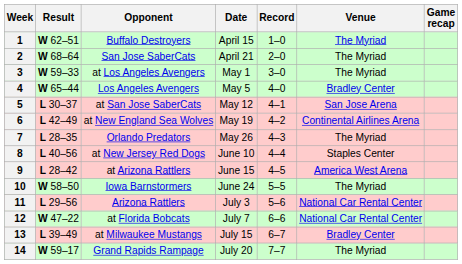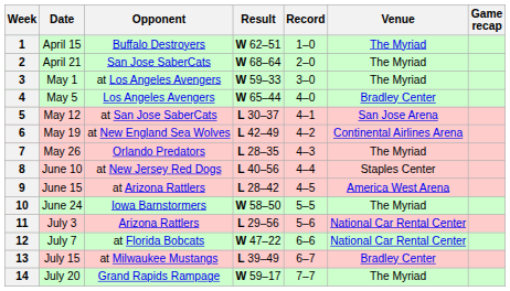 <table class="wikitable" style="text-align:center">
 <tr>
 <th>Week</th>
+<th>Date</th>
+<th>Opponent</th>
 <th>Result</th>
-<th>Opponent</th>
-<th>Date</th>
 <th>Record</th>
 <th>Venue</th>
 <th>Game<br>recap</th>
 </tr>
 <tr style="background:#cfc">
 <th>1</th>
+<td>April 15</td>
+<td><a href='#'>Buffalo Destroyers</a></td>
 <td><strong>W</strong> 62–51</td>
-<td><a href='#'>Buffalo Destroyers</a></td>
-<td>April 15</td>
 <td>1–0</td>
 <td><a href='#'>The Myriad</a></td>
 <td></td>
 </tr>
 <tr style="background:#cfc">
 <th>2</th>
+<td>April 21</td>
+<td><a href='#'>San Jose SaberCats</a></td>
 <td><strong>W</strong> 68–64</td>
-<td><a href='#'>San Jose SaberCats</a></td>
-<td>April 21</td>
 <td>2–0</td>
 <td>The Myriad</td>
 <td></td>
 </tr>
 <tr style="background:#cfc">
 <th>3</th>
+<td>May 1</td>
+<td>at <a href='#'>Los Angeles Avengers</a></td>
 <td><strong>W</strong> 59–33</td>
-<td>at <a href='#'>Los Angeles Avengers</a></td>
-<td>May 1</td>
 <td>3–0</td>
 <td>The Myriad</td>
 <td></td>
 </tr>
 <tr style="background:#cfc">
 <th>4</th>
+<td>May 5</td>
+<td><a href='#'>Los Angeles Avengers</a></td>
 <td><strong>W</strong> 65–44</td>
-<td><a href='#'>Los Angeles Avengers</a></td>
-<td>May 5</td>
 <td>4–0</td>
 <td><a href='#'>Bradley Center</a></td>
 <td></td>
 </tr>
 <tr style="background:#fcc">
 <th>5</th>
+<td>May 12</td>
+<td>at <a href='#'>San Jose SaberCats</a></td>
 <td><strong>L</strong> 30–37</td>
-<td>at <a href='#'>San Jose SaberCats</a></td>
-<td>May 12</td>
 <td>4–1</td>
 <td><a href='#'>San Jose Arena</a></td>
 <td></td>
 </tr>
 <tr style="background:#fcc">
 <th>6</th>
+<td>May 19</td>
+<td>at <a href='#'>New England Sea Wolves</a></td>
 <td><strong>L</strong> 42–49</td>
-<td>at <a href='#'>New England Sea Wolves</a></td>
-<td>May 19</td>
 <td>4–2</td>
 <td><a href='#'>Continental Airlines Arena</a></td>
 <td></td>
 </tr>
 <tr style="background:#fcc">
 <th>7</th>
+<td>May 26</td>
+<td><a href='#'>Orlando Predators</a></td>
 <td><strong>L</strong> 28–35</td>
-<td><a href='#'>Orlando Predators</a></td>
-<td>May 26</td>
 <td>4–3</td>
 <td>The Myriad</td>
 <td></td>
 </tr>
 <tr style="background:#fcc">
 <th>8</th>
+<td>June 10</td>
+<td>at <a href='#'>New Jersey Red Dogs</a></td>
 <td><strong>L</strong> 40–56</td>
-<td>at <a href='#'>New Jersey Red Dogs</a></td>
-<td>June 10</td>
 <td>4–4</td>
 <td>Staples Center</td>
 <td></td>
 </tr>
 <tr style="background:#fcc">
 <th>9</th>
+<td>June 15</td>
+<td>at <a href='#'>Arizona Rattlers</a></td>
 <td><strong>L</strong> 28–42</td>
-<td>at <a href='#'>Arizona Rattlers</a></td>
-<td>June 15</td>
 <td>4–5</td>
 <td><a href='#'>America West Arena</a></td>
 <td></td>
 </tr>
 <tr style="background:#cfc">
 <th>10</th>
+<td>June 24</td>
+<td><a href='#'>Iowa Barnstormers</a></td>
 <td><strong>W</strong> 58–50</td>
-<td><a href='#'>Iowa Barnstormers</a></td>
-<td>June 24</td>
 <td>5–5</td>
 <td>The Myriad</td>
 <td></td>
 </tr>
 <tr style="background:#fcc">
 <th>11</th>
+<td>July 3</td>
+<td><a href='#'>Arizona Rattlers</a></td>
 <td><strong>L</strong> 29–56</td>
-<td><a href='#'>Arizona Rattlers</a></td>
-<td>July 3</td>
 <td>5–6</td>
 <td><a href='#'>National Car Rental Center</a></td>
 <td></td>
 </tr>
 <tr style="background:#cfc">
 <th>12</th>
+<td>July 7</td>
+<td>at <a href='#'>Florida Bobcats</a></td>
 <td><strong>W</strong> 47–22</td>
-<td>at <a href='#'>Florida Bobcats</a></td>
-<td>July 7</td>
 <td>6–6</td>
 <td><a href='#'>National Car Rental Center</a></td>
 <td></td>
 </tr>
 <tr style="background:#fcc">
 <th>13</th>
+<td>July 15</td>
+<td>at <a href='#'>Milwaukee Mustangs</a></td>
 <td><strong>L</strong> 39–49</td>
-<td>at <a href='#'>Milwaukee Mustangs</a></td>
-<td>July 15</td>
 <td>6–7</td>
 <td><a href='#'>Bradley Center</a></td>
 <td></td>
 </tr>
 <tr style="background:#cfc">
 <th>14</th>
+<td>July 20</td>
+<td><a href='#'>Grand Rapids Rampage</a></td>
 <td><strong>W</strong> 59–17</td>
-<td><a href='#'>Grand Rapids Rampage</a></td>
-<td>July 20</td>
 <td>7–7</td>
 <td>The Myriad</td>
 <td></td>
 </tr>
 </table>
